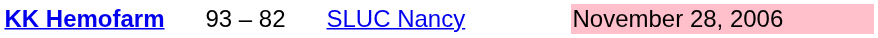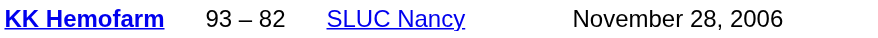 <table style="text-align:center">
 <tr>
 <th width=160></th>
 <th width=100></th>
 <th width=160></th>
 <th width=200></th>
 </tr>
 <tr>
 <td align=right><strong><a href='#'>KK Hemofarm</a></strong> </td>
 <td>93 – 82</td>
 <td align=left> <a href='#'>SLUC Nancy</a></td>
-<td align=left style="background: pink;">November 28, 2006</td>
+<td align=left>November 28, 2006</td>
 </tr>
 </table>
